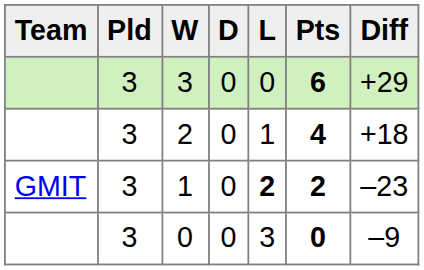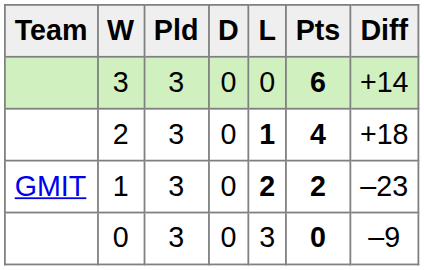 <table style=border-collapse:collapse border=1 cellspacing=0 cellpadding=5>
 <tr align=center bgcolor=#efefef>
 <th>Team</th>
+<th>W</th>
 <th>Pld</th>
-<th>W</th>
 <th>D</th>
 <th>L</th>
 <th>Pts</th>
 <th>Diff</th>
 </tr>
 <tr align=center style="background:#D0F0C0;">
 <td style="text-align:left;"> </td>
 <td>3</td>
 <td>3</td>
 <td>0</td>
 <td>0</td>
 <td><strong>6</strong></td>
-<td>+29</td>
+<td>+14</td>
 </tr>
 <tr align=center style="background:#FFFFFF;">
 <td style="text-align:left;"> </td>
+<td>2</td>
 <td>3</td>
-<td>2</td>
 <td>0</td>
-<td>1</td>
+<td><strong>1</strong></td>
 <td><strong>4</strong></td>
 <td>+18</td>
 </tr>
 <tr align=center style="background:#FFFFFF;">
 <td style="text-align:left;"> <a href='#'>GMIT</a></td>
+<td>1</td>
 <td>3</td>
-<td>1</td>
 <td>0</td>
 <td><strong>2</strong></td>
 <td><strong>2</strong></td>
 <td>–23</td>
 </tr>
 <tr align=center style="background:#FFFFFF;">
 <td style="text-align:left;"> </td>
+<td>0</td>
 <td>3</td>
-<td>0</td>
 <td>0</td>
 <td>3</td>
 <td><strong>0</strong></td>
 <td>–9</td>
 </tr>
 </table>
